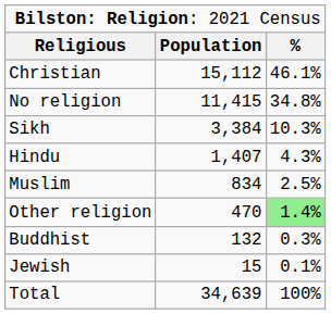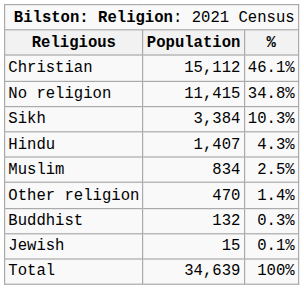 <table class="wikitable">
 <tr>
 <td colspan="14" style="text-align:right;"><strong>Bilston: Religion</strong>: 2021 Census</td>
 </tr>
 <tr>
 <th>Religious</th>
 <th>Population</th>
 <th>%</th>
 </tr>
 <tr>
 <td>Christian</td>
 <td style="text-align:right;">15,112</td>
 <td style="text-align:right;">46.1%</td>
 </tr>
 <tr>
 <td>No religion</td>
 <td style="text-align:right;">11,415</td>
 <td style="text-align:right;">34.8%</td>
 </tr>
 <tr>
 <td>Sikh</td>
 <td style="text-align:right;">3,384</td>
 <td style="text-align:right;">10.3%</td>
 </tr>
 <tr>
 <td>Hindu</td>
 <td style="text-align:right;">1,407</td>
 <td style="text-align:right;">4.3%</td>
 </tr>
 <tr>
 <td>Muslim</td>
 <td style="text-align:right;">834</td>
 <td style="text-align:right;">2.5%</td>
 </tr>
 <tr>
 <td>Other religion</td>
 <td style="text-align:right;">470</td>
-<td style="background: lightgreen; text-align:right;">1.4%</td>
+<td style="text-align:right;">1.4%</td>
 </tr>
 <tr>
 <td>Buddhist</td>
 <td style="text-align:right;">132</td>
 <td style="text-align:right;">0.3%</td>
 </tr>
 <tr>
 <td>Jewish</td>
 <td style="text-align:right;">15</td>
 <td style="text-align:right;">0.1%</td>
 </tr>
 <tr>
 <td>Total</td>
 <td style="text-align:right;">34,639</td>
 <td style="text-align:right;">100%</td>
 </tr>
 </table>
